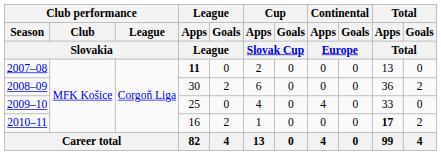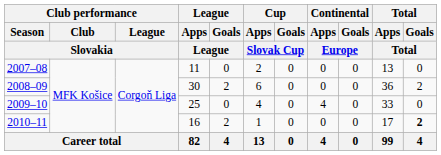 <table class="wikitable" style="text-align:center">
 <tr>
 <th colspan=3>Club performance</th>
 <th colspan=2>League</th>
 <th colspan=2>Cup</th>
 <th colspan=2>Continental</th>
 <th colspan=2>Total</th>
 </tr>
 <tr>
 <th>Season</th>
 <th>Club</th>
 <th>League</th>
 <th>Apps</th>
 <th>Goals</th>
 <th>Apps</th>
 <th>Goals</th>
 <th>Apps</th>
 <th>Goals</th>
 <th>Apps</th>
 <th>Goals</th>
 </tr>
 <tr>
 <th colspan=3>Slovakia</th>
 <th colspan=2>League</th>
 <th colspan=2><a href='#'>Slovak Cup</a></th>
 <th colspan=2><a href='#'>Europe</a></th>
 <th colspan=2>Total</th>
 </tr>
 <tr>
 <td><a href='#'>2007–08</a></td>
 <td rowspan="4"><a href='#'>MFK Košice</a></td>
 <td rowspan="4"><a href='#'>Corgoň Liga</a></td>
-<td><strong>11</strong></td>
+<td>11</td>
 <td>0</td>
 <td>2</td>
 <td>0</td>
 <td>0</td>
 <td>0</td>
 <td>13</td>
 <td>0</td>
 </tr>
 <tr>
 <td><a href='#'>2008–09</a></td>
 <td>30</td>
 <td>2</td>
 <td>6</td>
 <td>0</td>
 <td>0</td>
 <td>0</td>
 <td>36</td>
 <td>2</td>
 </tr>
 <tr>
 <td><a href='#'>2009–10</a></td>
 <td>25</td>
 <td>0</td>
 <td>4</td>
 <td>0</td>
 <td>4</td>
 <td>0</td>
 <td>33</td>
 <td>0</td>
 </tr>
 <tr>
 <td><a href='#'>2010–11</a></td>
 <td>16</td>
 <td>2</td>
 <td>1</td>
 <td>0</td>
 <td>0</td>
 <td>0</td>
-<td><strong>17</strong></td>
-<td>2</td>
+<td>17</td>
+<td><strong>2</strong></td>
 </tr>
 <tr>
 <th colspan=3>Career total</th>
 <th>82</th>
 <th>4</th>
 <th>13</th>
 <th>0</th>
 <th>4</th>
 <th>0</th>
 <th>99</th>
 <th>4</th>
 </tr>
 </table>
